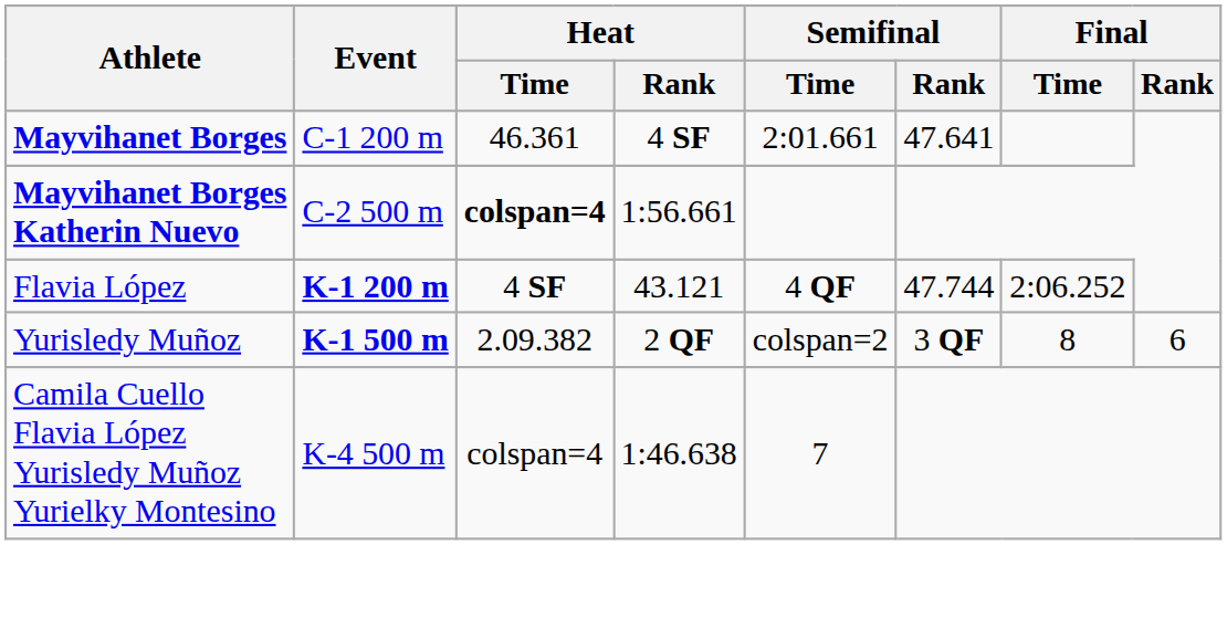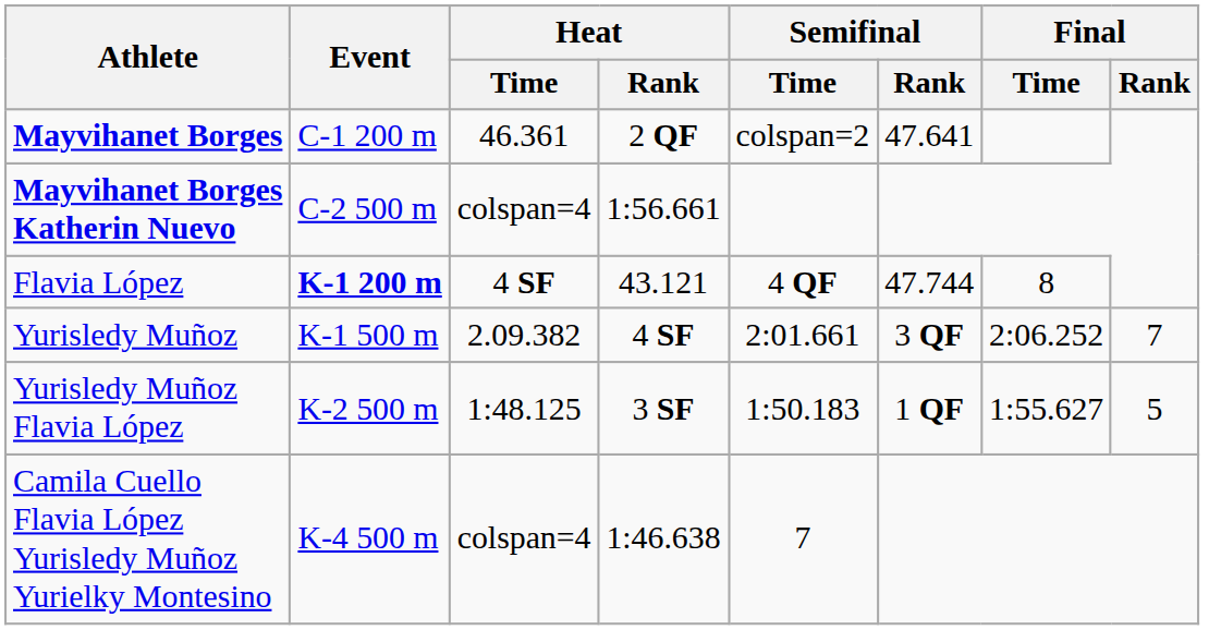 <table class=wikitable style=font-size:90%;text-align:center>
 <tr>
 <th rowspan=2>Athlete</th>
 <th rowspan=2>Event</th>
 <th colspan=2>Heat</th>
 <th colspan=2>Semifinal</th>
 <th colspan=2>Final</th>
 </tr>
 <tr style=font-size:95%>
 <th>Time</th>
 <th>Rank</th>
 <th>Time</th>
 <th>Rank</th>
 <th>Time</th>
 <th>Rank</th>
 </tr>
 <tr>
 <td align=left><strong><a href='#'>Mayvihanet Borges</a></strong></td>
 <td align=left><a href='#'>C-1 200 m</a></td>
 <td>46.361</td>
-<td>4 <strong>SF</strong></td>
-<td>2:01.661</td>
+<td>2 <strong>QF</strong></td>
+<td>colspan=2 </td>
 <td>47.641</td>
 <td></td>
 </tr>
 <tr>
 <td align=left><strong><a href='#'>Mayvihanet Borges</a><br><a href='#'>Katherin Nuevo</a></strong></td>
 <td align=left><a href='#'>C-2 500 m</a></td>
-<td><strong>colspan=4 </strong></td>
+<td>colspan=4 </td>
 <td>1:56.661</td>
 <td></td>
 </tr>
 <tr>
 <td align=left><a href='#'>Flavia López</a></td>
 <td align=left><strong><a href='#'>K-1 200 m</a></strong></td>
 <td>4 <strong>SF</strong></td>
 <td>43.121</td>
 <td>4 <strong>QF</strong></td>
 <td>47.744</td>
-<td>2:06.252</td>
+<td>8</td>
 </tr>
 <tr>
 <td align=left><a href='#'>Yurisledy Muñoz</a></td>
-<td align=left><strong><a href='#'>K-1 500 m</a></strong></td>
+<td align=left><a href='#'>K-1 500 m</a></td>
 <td>2.09.382</td>
-<td>2 <strong>QF</strong></td>
-<td>colspan=2 </td>
+<td>4 <strong>SF</strong></td>
+<td>2:01.661</td>
 <td>3 <strong>QF</strong></td>
-<td>8</td>
-<td>6</td>
+<td>2:06.252</td>
+<td>7</td>
+</tr>
+<tr>
+<td align=left><a href='#'>Yurisledy Muñoz</a><br><a href='#'>Flavia López</a></td>
+<td align=left><a href='#'>K-2 500 m</a></td>
+<td>1:48.125</td>
+<td>3 <strong>SF</strong></td>
+<td>1:50.183</td>
+<td>1 <strong>QF</strong></td>
+<td>1:55.627</td>
+<td>5</td>
 </tr>
 <tr>
 <td align=left><a href='#'>Camila Cuello</a><br><a href='#'>Flavia López</a><br><a href='#'>Yurisledy Muñoz</a><br><a href='#'>Yurielky Montesino</a></td>
 <td align=left><a href='#'>K-4 500 m</a></td>
 <td>colspan=4 </td>
 <td>1:46.638</td>
 <td>7</td>
 </tr>
 </table>
